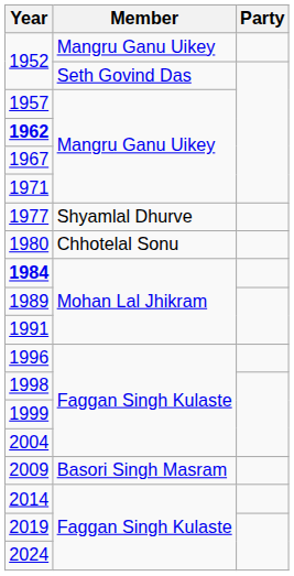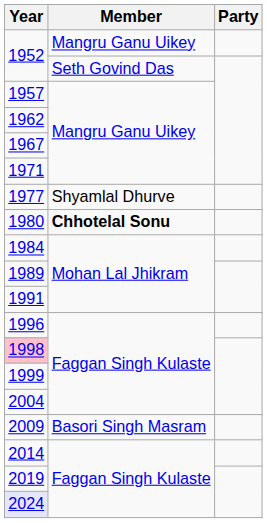 <table class="wikitable">
 <tr>
 <th>Year</th>
 <th>Member</th>
 <th colspan="2">Party</th>
 </tr>
 <tr>
 <td rowspan="2"><a href='#'>1952</a></td>
 <td><a href='#'>Mangru Ganu Uikey</a></td>
 <td></td>
 </tr>
 <tr>
 <td><a href='#'>Seth Govind Das</a></td>
 </tr>
 <tr>
 <td><a href='#'>1957</a></td>
 <td rowspan="4"><a href='#'>Mangru Ganu Uikey</a></td>
 </tr>
 <tr>
-<td><strong><a href='#'>1962</a></strong></td>
+<td><a href='#'>1962</a></td>
 </tr>
 <tr>
 <td><a href='#'>1967</a></td>
 </tr>
 <tr>
 <td><a href='#'>1971</a></td>
 </tr>
 <tr>
 <td><a href='#'>1977</a></td>
 <td>Shyamlal Dhurve</td>
 <td></td>
 </tr>
 <tr>
 <td><a href='#'>1980</a></td>
-<td>Chhotelal Sonu</td>
+<td><strong>Chhotelal Sonu</strong></td>
 <td></td>
 </tr>
 <tr>
-<td><strong><a href='#'>1984</a></strong></td>
+<td><a href='#'>1984</a></td>
 <td rowspan="3"><a href='#'>Mohan Lal Jhikram</a></td>
 <td></td>
 </tr>
 <tr>
 <td><a href='#'>1989</a></td>
 </tr>
 <tr>
 <td><a href='#'>1991</a></td>
 </tr>
 <tr>
 <td><a href='#'>1996</a></td>
 <td rowspan="4"><a href='#'>Faggan Singh Kulaste</a></td>
 <td></td>
 </tr>
 <tr>
-<td><a href='#'>1998</a></td>
+<td style="background: pink;"><a href='#'>1998</a></td>
 </tr>
 <tr>
 <td><a href='#'>1999</a></td>
 </tr>
 <tr>
 <td><a href='#'>2004</a></td>
 </tr>
 <tr>
 <td><a href='#'>2009</a></td>
 <td><a href='#'>Basori Singh Masram</a></td>
 <td></td>
 </tr>
 <tr>
 <td><a href='#'>2014</a></td>
 <td rowspan="3"><a href='#'>Faggan Singh Kulaste</a></td>
 <td></td>
 </tr>
 <tr>
 <td><a href='#'>2019</a></td>
 </tr>
 <tr>
-<td><a href='#'>2024</a></td>
+<td style="background: lavender;"><a href='#'>2024</a></td>
 </tr>
 </table>
